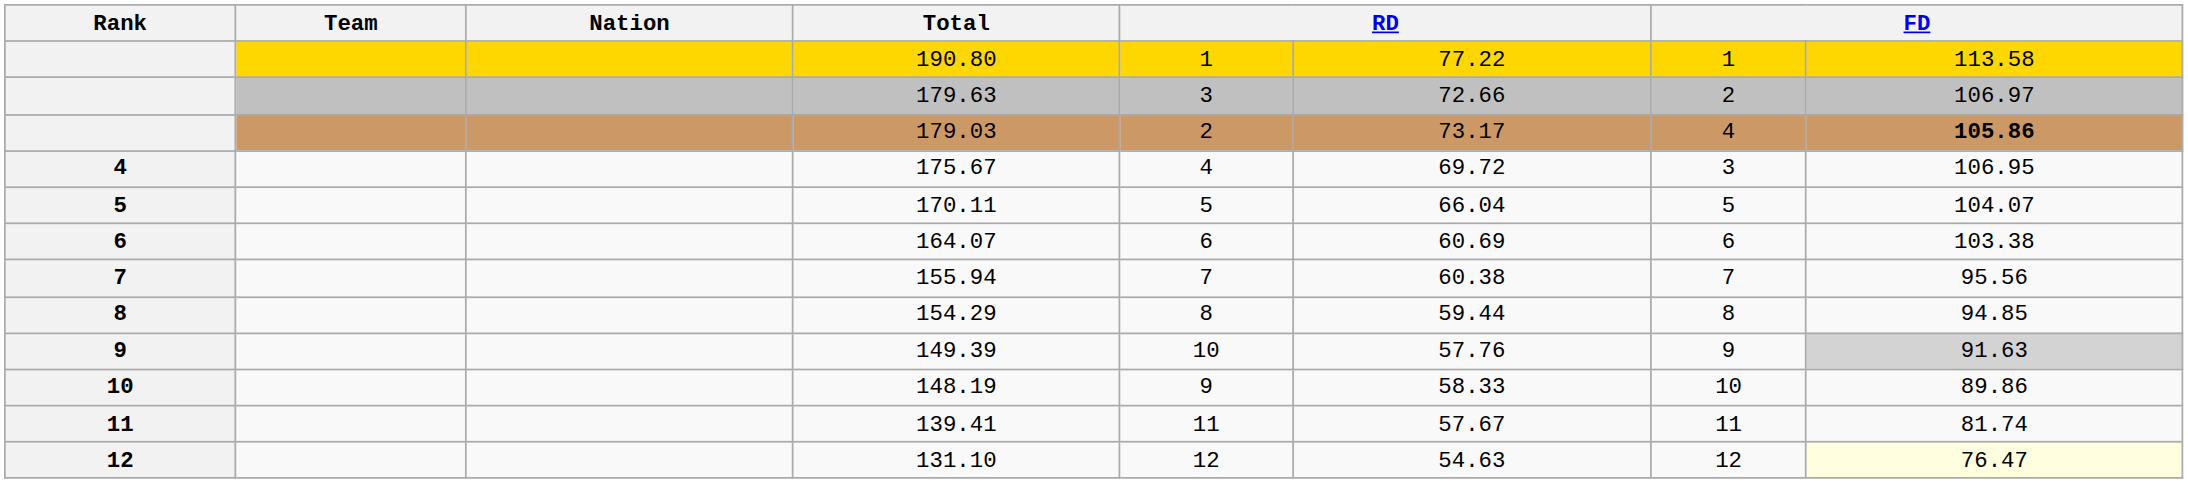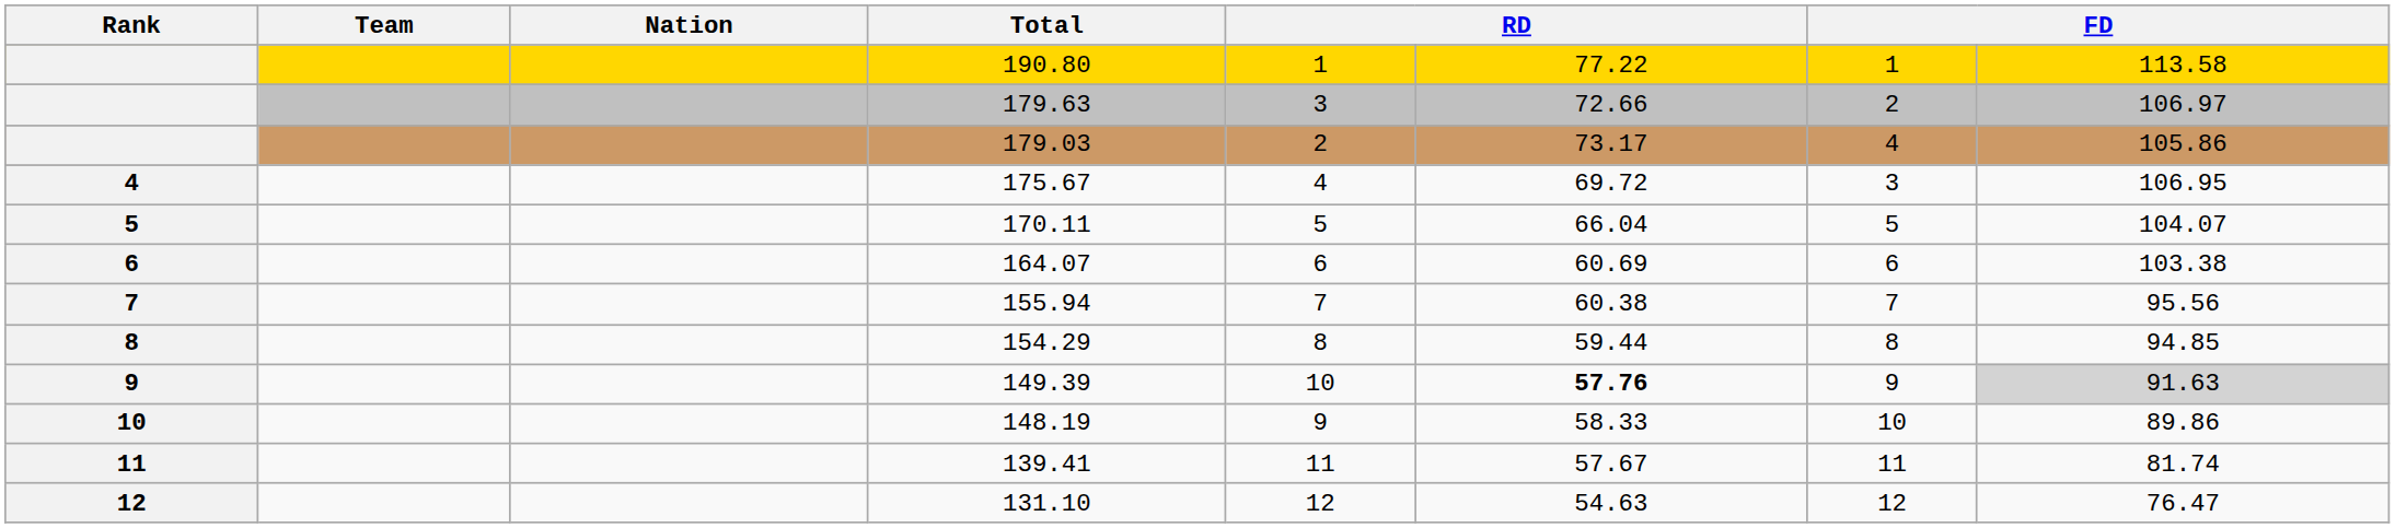 <table class="wikitable sortable" style="text-align:center; width:80%">
 <tr>
 <th scope="col">Rank</th>
 <th scope="col">Team</th>
 <th scope="col">Nation</th>
 <th scope="col">Total</th>
 <th scope="col" colspan="2" width="80px"><a href='#'>RD</a></th>
 <th scope="col" colspan="2" width="80px"><a href='#'>FD</a></th>
 </tr>
 <tr bgcolor="gold">
 <th scope="row"></th>
 <td align="left"></td>
 <td align="left"></td>
 <td>190.80</td>
 <td>1</td>
 <td>77.22</td>
 <td>1</td>
 <td>113.58</td>
 </tr>
 <tr bgcolor="silver">
 <th scope="row"></th>
 <td align="left"></td>
 <td align="left"></td>
 <td>179.63</td>
 <td>3</td>
 <td>72.66</td>
 <td>2</td>
 <td>106.97</td>
 </tr>
 <tr bgcolor="cc9966">
 <th scope="row"></th>
 <td align="left"></td>
 <td align="left"></td>
 <td>179.03</td>
 <td>2</td>
 <td>73.17</td>
 <td>4</td>
-<td><strong>105.86</strong></td>
+<td>105.86</td>
 </tr>
 <tr>
 <th scope="row">4</th>
 <td align="left"></td>
 <td align="left"></td>
 <td>175.67</td>
 <td>4</td>
 <td>69.72</td>
 <td>3</td>
 <td>106.95</td>
 </tr>
 <tr>
 <th scope="row">5</th>
 <td align="left"></td>
 <td align="left"></td>
 <td>170.11</td>
 <td>5</td>
 <td>66.04</td>
 <td>5</td>
 <td>104.07</td>
 </tr>
 <tr>
 <th scope="row">6</th>
 <td align="left"></td>
 <td align="left"></td>
 <td>164.07</td>
 <td>6</td>
 <td>60.69</td>
 <td>6</td>
 <td>103.38</td>
 </tr>
 <tr>
 <th scope="row">7</th>
 <td align="left"></td>
 <td align="left"></td>
 <td>155.94</td>
 <td>7</td>
 <td>60.38</td>
 <td>7</td>
 <td>95.56</td>
 </tr>
 <tr>
 <th scope="row">8</th>
 <td align="left"></td>
 <td align="left"></td>
 <td>154.29</td>
 <td>8</td>
 <td>59.44</td>
 <td>8</td>
 <td>94.85</td>
 </tr>
 <tr>
 <th scope="row">9</th>
 <td align="left"></td>
 <td align="left"></td>
 <td>149.39</td>
 <td>10</td>
-<td>57.76</td>
+<td><strong>57.76</strong></td>
 <td>9</td>
 <td style="background: lightgrey;">91.63</td>
 </tr>
 <tr>
 <th scope="row">10</th>
 <td align="left"></td>
 <td align="left"></td>
 <td>148.19</td>
 <td>9</td>
 <td>58.33</td>
 <td>10</td>
 <td>89.86</td>
 </tr>
 <tr>
 <th scope="row">11</th>
 <td align="left"></td>
 <td align="left"></td>
 <td>139.41</td>
 <td>11</td>
 <td>57.67</td>
 <td>11</td>
 <td>81.74</td>
 </tr>
 <tr>
 <th scope="row">12</th>
 <td align="left"></td>
 <td align="left"></td>
 <td>131.10</td>
 <td>12</td>
 <td>54.63</td>
 <td>12</td>
-<td style="background: lightyellow;">76.47</td>
+<td>76.47</td>
 </tr>
 </table>
